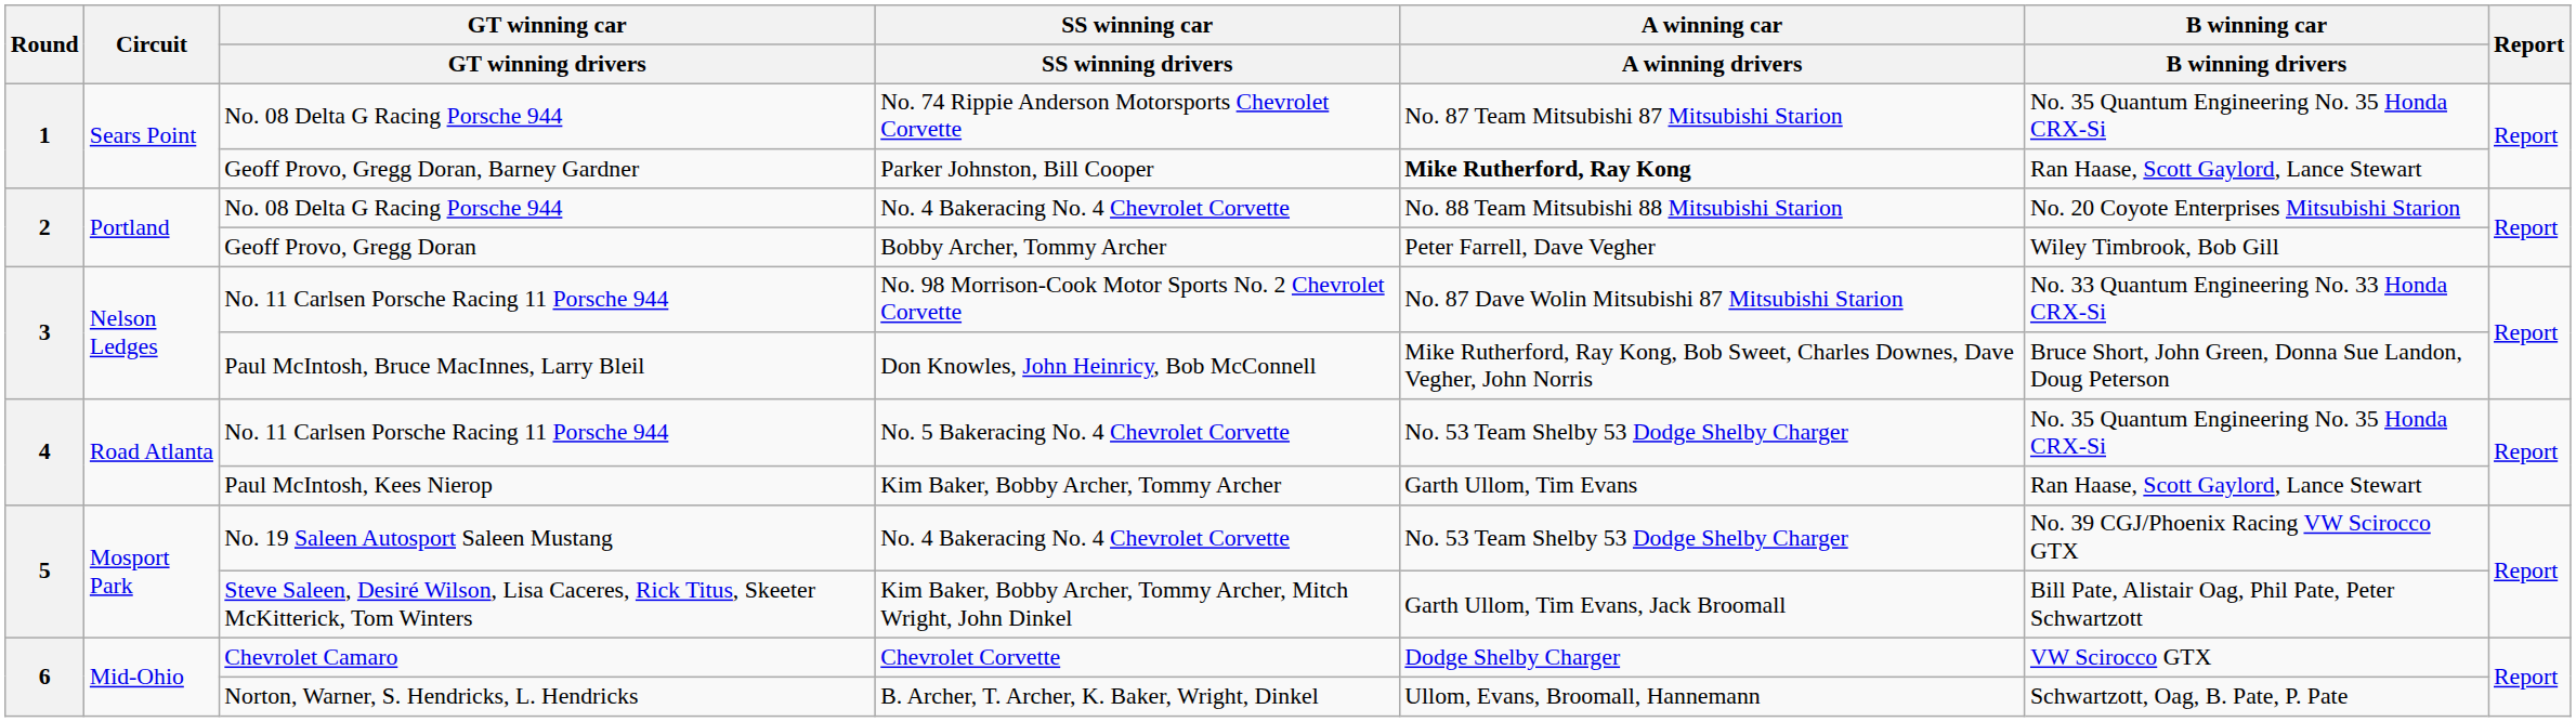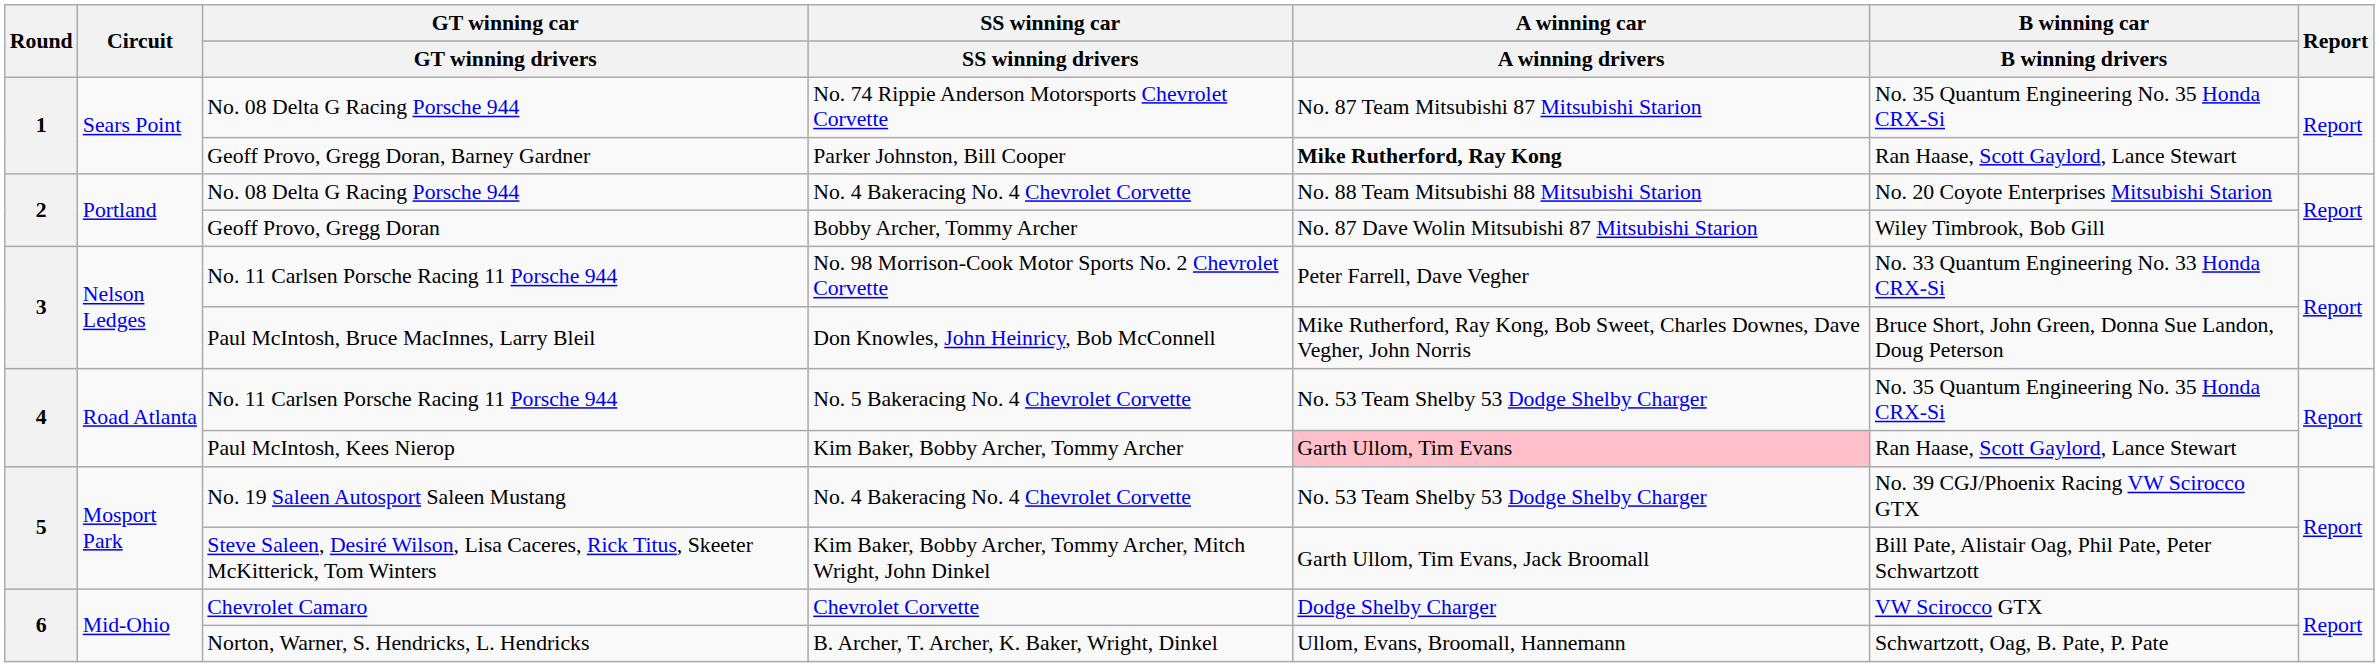 <table class="wikitable" style="font-size: 90%;">
 <tr>
 <th rowspan="2">Round</th>
 <th rowspan="2">Circuit</th>
 <th>GT winning car</th>
 <th>SS winning car</th>
 <th>A winning car</th>
 <th>B winning car</th>
 <th rowspan="2">Report</th>
 </tr>
 <tr>
 <th>GT winning drivers</th>
 <th>SS winning drivers</th>
 <th>A winning drivers</th>
 <th>B winning drivers</th>
 </tr>
 <tr>
 <th rowspan="2">1</th>
 <td rowspan="2"><a href='#'>Sears Point</a></td>
 <td>No. 08 Delta G Racing <a href='#'>Porsche 944</a></td>
 <td>No. 74 Rippie Anderson Motorsports <a href='#'>Chevrolet Corvette</a></td>
 <td>No. 87 Team Mitsubishi 87 <a href='#'>Mitsubishi Starion</a></td>
 <td>No. 35 Quantum Engineering No. 35 <a href='#'>Honda CRX-Si</a></td>
 <td rowspan="2"><a href='#'>Report</a></td>
 </tr>
 <tr>
 <td>Geoff Provo, Gregg Doran, Barney Gardner</td>
 <td>Parker Johnston, Bill Cooper</td>
 <td><strong>Mike Rutherford, Ray Kong</strong></td>
 <td>Ran Haase, <a href='#'>Scott Gaylord</a>, Lance Stewart</td>
 </tr>
 <tr>
 <th rowspan="2">2</th>
 <td rowspan="2"><a href='#'>Portland</a></td>
 <td>No. 08 Delta G Racing <a href='#'>Porsche 944</a></td>
 <td>No. 4 Bakeracing No. 4 <a href='#'>Chevrolet Corvette</a></td>
 <td>No. 88 Team Mitsubishi 88 <a href='#'>Mitsubishi Starion</a></td>
 <td>No. 20 Coyote Enterprises <a href='#'>Mitsubishi Starion</a></td>
 <td rowspan="2"><a href='#'>Report</a></td>
 </tr>
 <tr>
 <td>Geoff Provo, Gregg Doran</td>
 <td>Bobby Archer, Tommy Archer</td>
-<td>Peter Farrell, Dave Vegher</td>
+<td>No. 87 Dave Wolin Mitsubishi 87 <a href='#'>Mitsubishi Starion</a></td>
 <td>Wiley Timbrook, Bob Gill</td>
 </tr>
 <tr>
 <th rowspan="2">3</th>
 <td rowspan="2"><a href='#'>Nelson Ledges</a></td>
 <td>No. 11 Carlsen Porsche Racing 11 <a href='#'>Porsche 944</a></td>
 <td>No. 98 Morrison-Cook Motor Sports No. 2 <a href='#'>Chevrolet Corvette</a></td>
-<td>No. 87 Dave Wolin Mitsubishi 87 <a href='#'>Mitsubishi Starion</a></td>
+<td>Peter Farrell, Dave Vegher</td>
 <td>No. 33 Quantum Engineering No. 33 <a href='#'>Honda CRX-Si</a></td>
 <td rowspan="2"><a href='#'>Report</a></td>
 </tr>
 <tr>
 <td>Paul McIntosh, Bruce MacInnes, Larry Bleil</td>
 <td>Don Knowles, <a href='#'>John Heinricy</a>, Bob McConnell</td>
 <td>Mike Rutherford, Ray Kong, Bob Sweet, Charles Downes, Dave Vegher, John Norris</td>
 <td>Bruce Short, John Green, Donna Sue Landon, Doug Peterson</td>
 </tr>
 <tr>
 <th rowspan="2">4</th>
 <td rowspan="2"><a href='#'>Road Atlanta</a></td>
 <td>No. 11 Carlsen Porsche Racing 11 <a href='#'>Porsche 944</a></td>
 <td>No. 5 Bakeracing No. 4 <a href='#'>Chevrolet Corvette</a></td>
 <td>No. 53 Team Shelby 53 <a href='#'>Dodge Shelby Charger</a></td>
 <td>No. 35 Quantum Engineering No. 35 <a href='#'>Honda CRX-Si</a></td>
 <td rowspan="2"><a href='#'>Report</a></td>
 </tr>
 <tr>
 <td>Paul McIntosh, Kees Nierop</td>
 <td>Kim Baker, Bobby Archer, Tommy Archer</td>
-<td>Garth Ullom, Tim Evans</td>
+<td style="background: pink;">Garth Ullom, Tim Evans</td>
 <td>Ran Haase, <a href='#'>Scott Gaylord</a>, Lance Stewart</td>
 </tr>
 <tr>
 <th rowspan="2">5</th>
 <td rowspan="2"><a href='#'>Mosport Park</a></td>
 <td>No. 19 <a href='#'>Saleen Autosport</a> Saleen Mustang</td>
 <td>No. 4 Bakeracing No. 4 <a href='#'>Chevrolet Corvette</a></td>
 <td>No. 53 Team Shelby 53 <a href='#'>Dodge Shelby Charger</a></td>
 <td>No. 39 CGJ/Phoenix Racing <a href='#'>VW Scirocco</a> GTX</td>
 <td rowspan="2"><a href='#'>Report</a></td>
 </tr>
 <tr>
 <td><a href='#'>Steve Saleen</a>, <a href='#'>Desiré Wilson</a>, Lisa Caceres, <a href='#'>Rick Titus</a>, Skeeter McKitterick, Tom Winters</td>
 <td>Kim Baker, Bobby Archer, Tommy Archer, Mitch Wright, John Dinkel</td>
 <td>Garth Ullom, Tim Evans, Jack Broomall</td>
 <td>Bill Pate, Alistair Oag, Phil Pate, Peter Schwartzott</td>
 </tr>
 <tr>
 <th rowspan="2">6</th>
 <td rowspan="2"><a href='#'>Mid-Ohio</a></td>
 <td><a href='#'>Chevrolet Camaro</a></td>
 <td><a href='#'>Chevrolet Corvette</a></td>
 <td><a href='#'>Dodge Shelby Charger</a></td>
 <td><a href='#'>VW Scirocco</a> GTX</td>
 <td rowspan="2"><a href='#'>Report</a></td>
 </tr>
 <tr>
 <td>Norton, Warner, S. Hendricks, L. Hendricks</td>
 <td>B. Archer, T. Archer, K. Baker, Wright, Dinkel</td>
 <td>Ullom, Evans, Broomall, Hannemann</td>
 <td>Schwartzott, Oag, B. Pate, P. Pate</td>
 </tr>
 </table>
